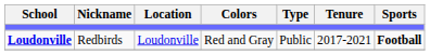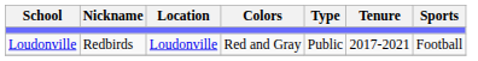 <table class="wikitable sortable">
 <tr>
 <th>School</th>
 <th>Nickname</th>
 <th>Location</th>
 <th>Colors</th>
 <th>Type</th>
 <th>Tenure</th>
 <th>Sports</th>
 </tr>
 <tr>
 <th colspan="7" style="background:#676AFE;"></th>
 </tr>
 <tr>
-<td><strong><a href='#'>Loudonville</a></strong></td>
+<td><a href='#'>Loudonville</a></td>
 <td>Redbirds</td>
 <td><a href='#'>Loudonville</a></td>
 <td>Red and Gray <br>  </td>
 <td>Public</td>
 <td>2017-2021</td>
-<td><strong>Football</strong></td>
+<td>Football</td>
 </tr>
 <tr>
 </tr>
 </table>
